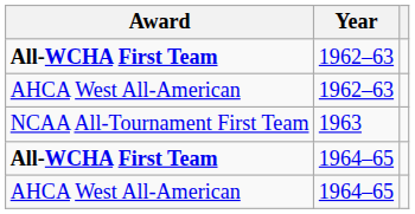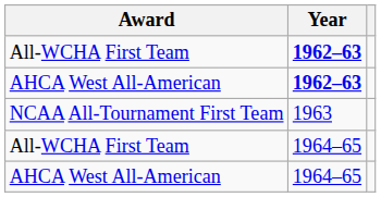 <table class="wikitable">
 <tr>
 <th>Award</th>
 <th>Year</th>
 <th></th>
 </tr>
 <tr>
-<td><strong>All-<a href='#'>WCHA</a> <a href='#'>First Team</a></strong></td>
-<td><a href='#'>1962–63</a></td>
+<td>All-<a href='#'>WCHA</a> <a href='#'>First Team</a></td>
+<td><strong><a href='#'>1962–63</a></strong></td>
 <td></td>
 </tr>
 <tr>
 <td><a href='#'>AHCA</a> <a href='#'>West All-American</a></td>
-<td><a href='#'>1962–63</a></td>
+<td><strong><a href='#'>1962–63</a></strong></td>
 <td></td>
 </tr>
 <tr>
 <td><a href='#'>NCAA</a> <a href='#'>All-Tournament First Team</a></td>
 <td><a href='#'>1963</a></td>
 <td></td>
 </tr>
 <tr>
-<td><strong>All-<a href='#'>WCHA</a> <a href='#'>First Team</a></strong></td>
+<td>All-<a href='#'>WCHA</a> <a href='#'>First Team</a></td>
 <td><a href='#'>1964–65</a></td>
 <td></td>
 </tr>
 <tr>
 <td><a href='#'>AHCA</a> <a href='#'>West All-American</a></td>
 <td><a href='#'>1964–65</a></td>
 <td></td>
 </tr>
 </table>
